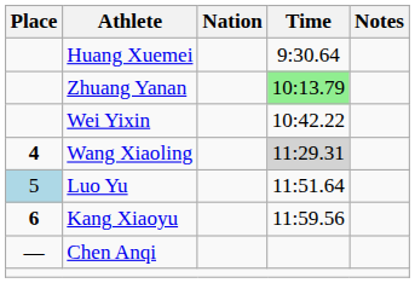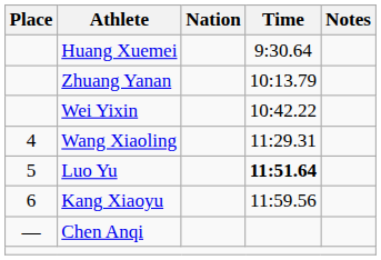 <table class="wikitable mw-datatable sortable" style="text-align:center;">
 <tr>
 <th scope="col">Place</th>
 <th scope="col">Athlete</th>
 <th scope="col">Nation</th>
 <th scope="col">Time</th>
 <th scope="col">Notes</th>
 </tr>
 <tr>
 <td></td>
 <td align="left"><a href='#'>Huang Xuemei</a></td>
 <td align="left"></td>
 <td>9:30.64</td>
 <td></td>
 </tr>
 <tr>
 <td></td>
 <td align="left"><a href='#'>Zhuang Yanan</a></td>
 <td align="left"></td>
-<td style="background: lightgreen;">10:13.79</td>
+<td>10:13.79</td>
 <td></td>
 </tr>
 <tr>
 <td></td>
 <td align="left"><a href='#'>Wei Yixin</a></td>
 <td align="left"></td>
 <td>10:42.22</td>
 <td></td>
 </tr>
 <tr>
-<td><strong>4</strong></td>
+<td>4</td>
 <td align="left"><a href='#'>Wang Xiaoling</a></td>
 <td align="left"></td>
-<td style="background: lightgrey;">11:29.31</td>
+<td>11:29.31</td>
 <td></td>
 </tr>
 <tr>
-<td style="background: lightblue;">5</td>
+<td>5</td>
 <td align="left"><a href='#'>Luo Yu</a></td>
 <td align="left"></td>
-<td>11:51.64</td>
+<td><strong>11:51.64</strong></td>
 <td></td>
 </tr>
 <tr>
-<td><strong>6</strong></td>
+<td>6</td>
 <td align="left"><a href='#'>Kang Xiaoyu</a></td>
 <td align="left"></td>
 <td>11:59.56</td>
 <td></td>
 </tr>
 <tr>
 <td>—</td>
 <td align="left"><a href='#'>Chen Anqi</a></td>
 <td align="left"></td>
 <td></td>
 <td></td>
 </tr>
 <tr class="sortbottom">
 <td colspan="5"></td>
 </tr>
 </table>
